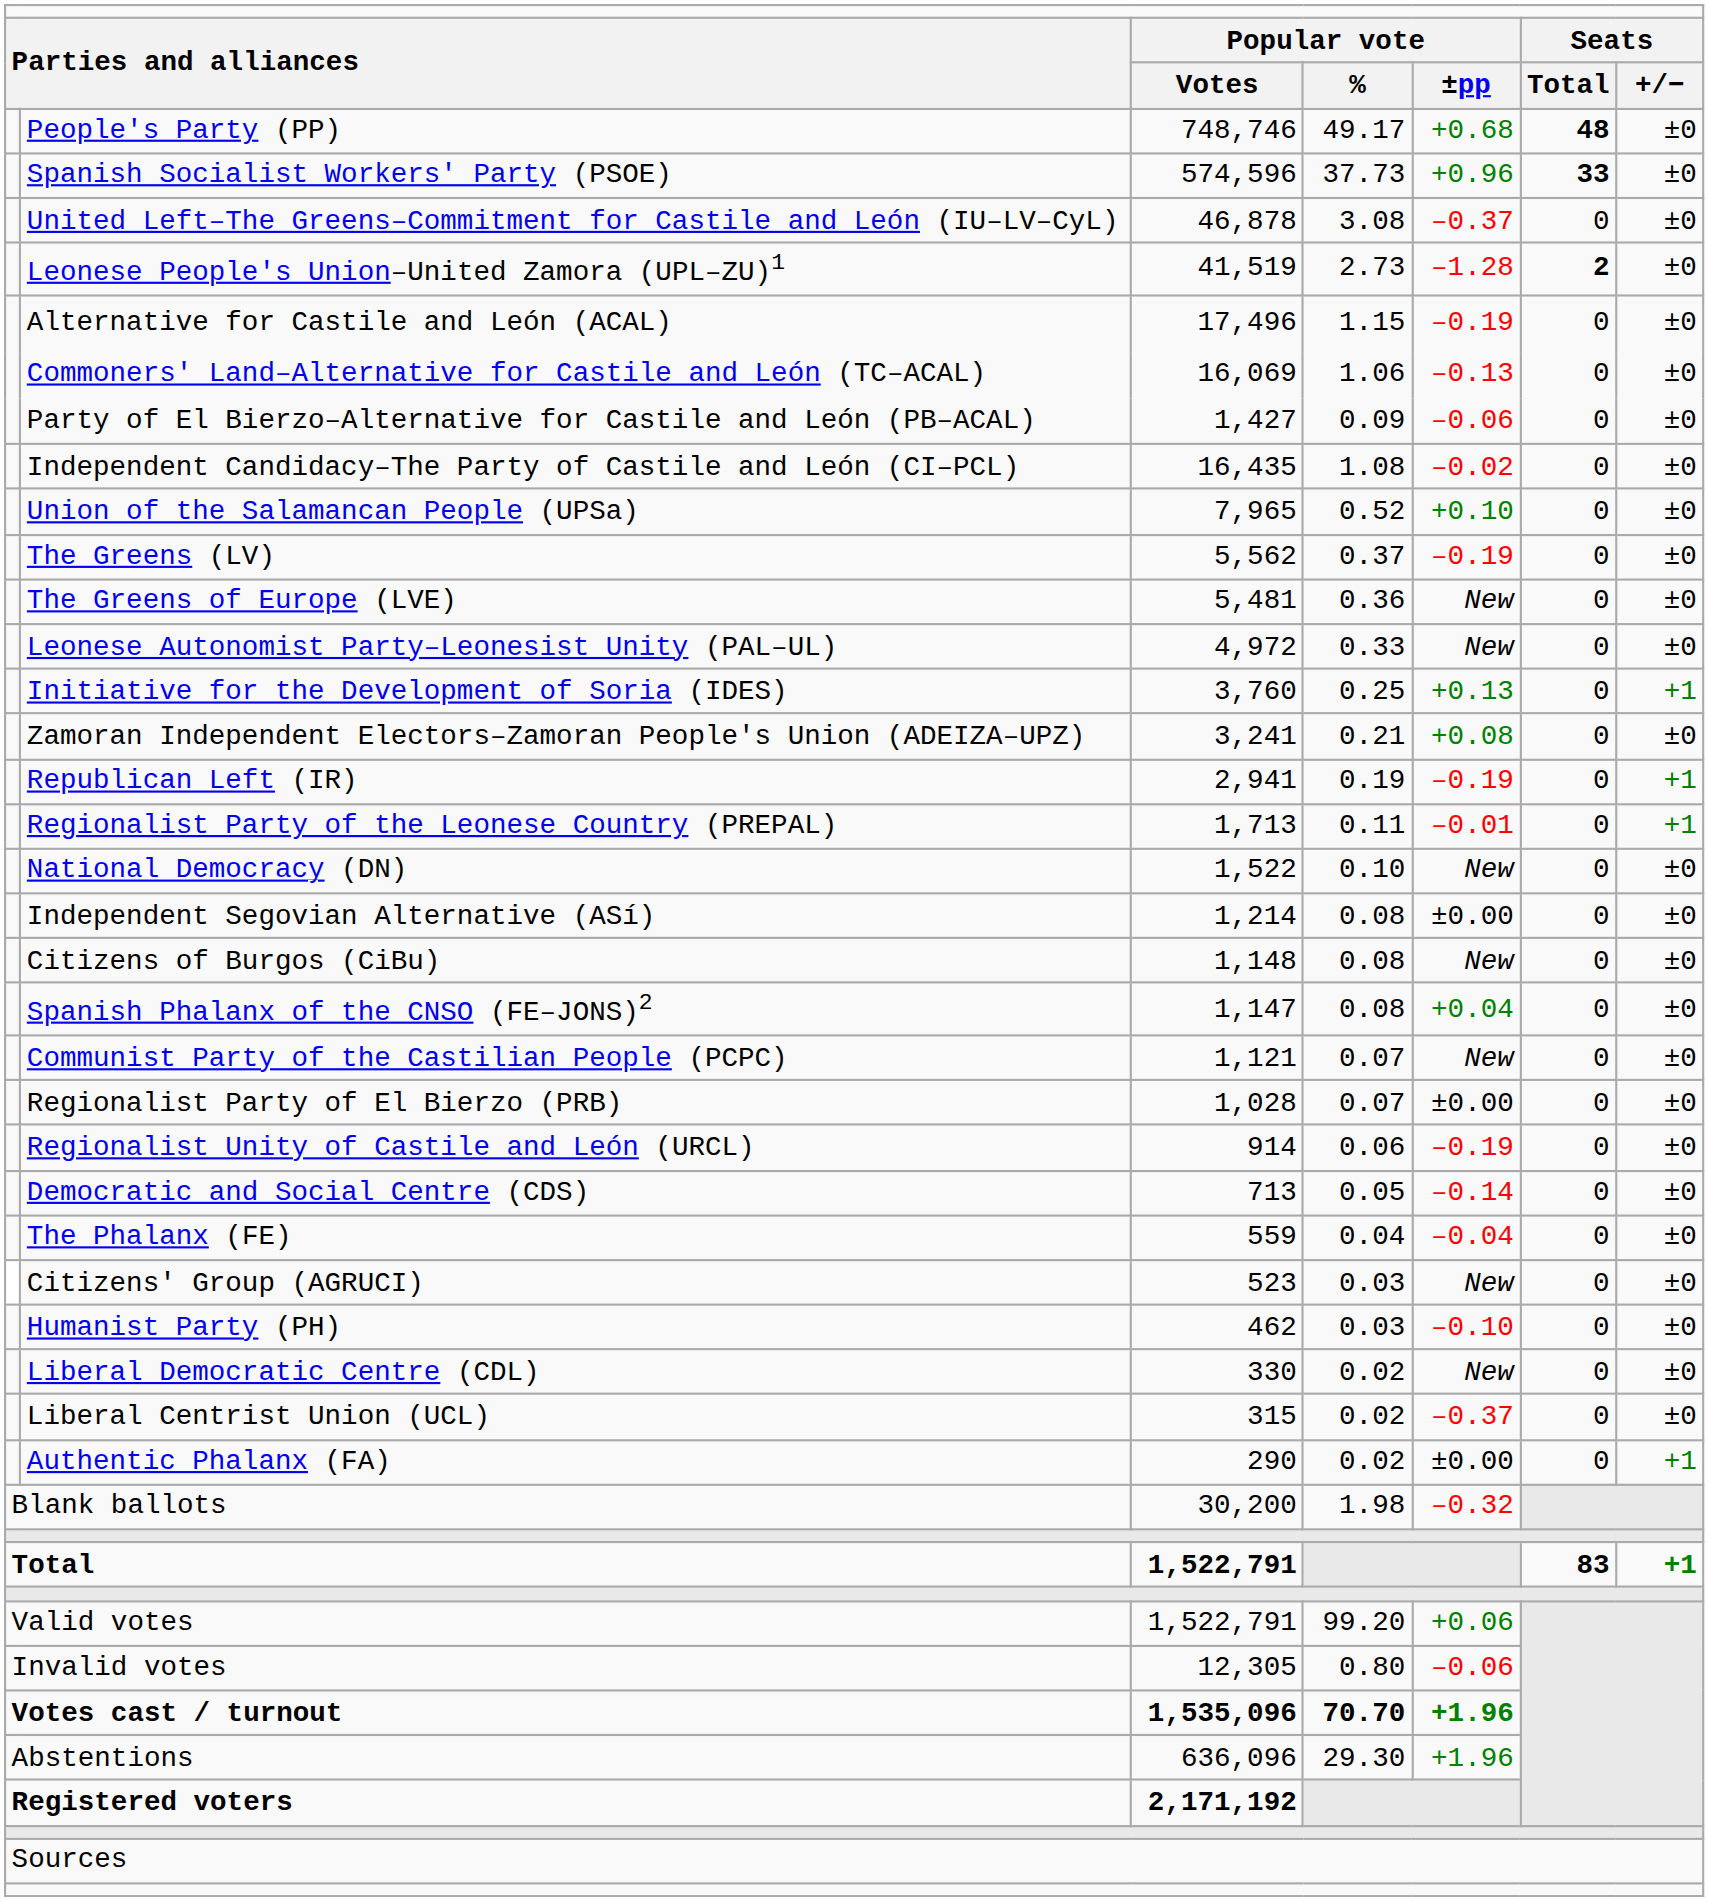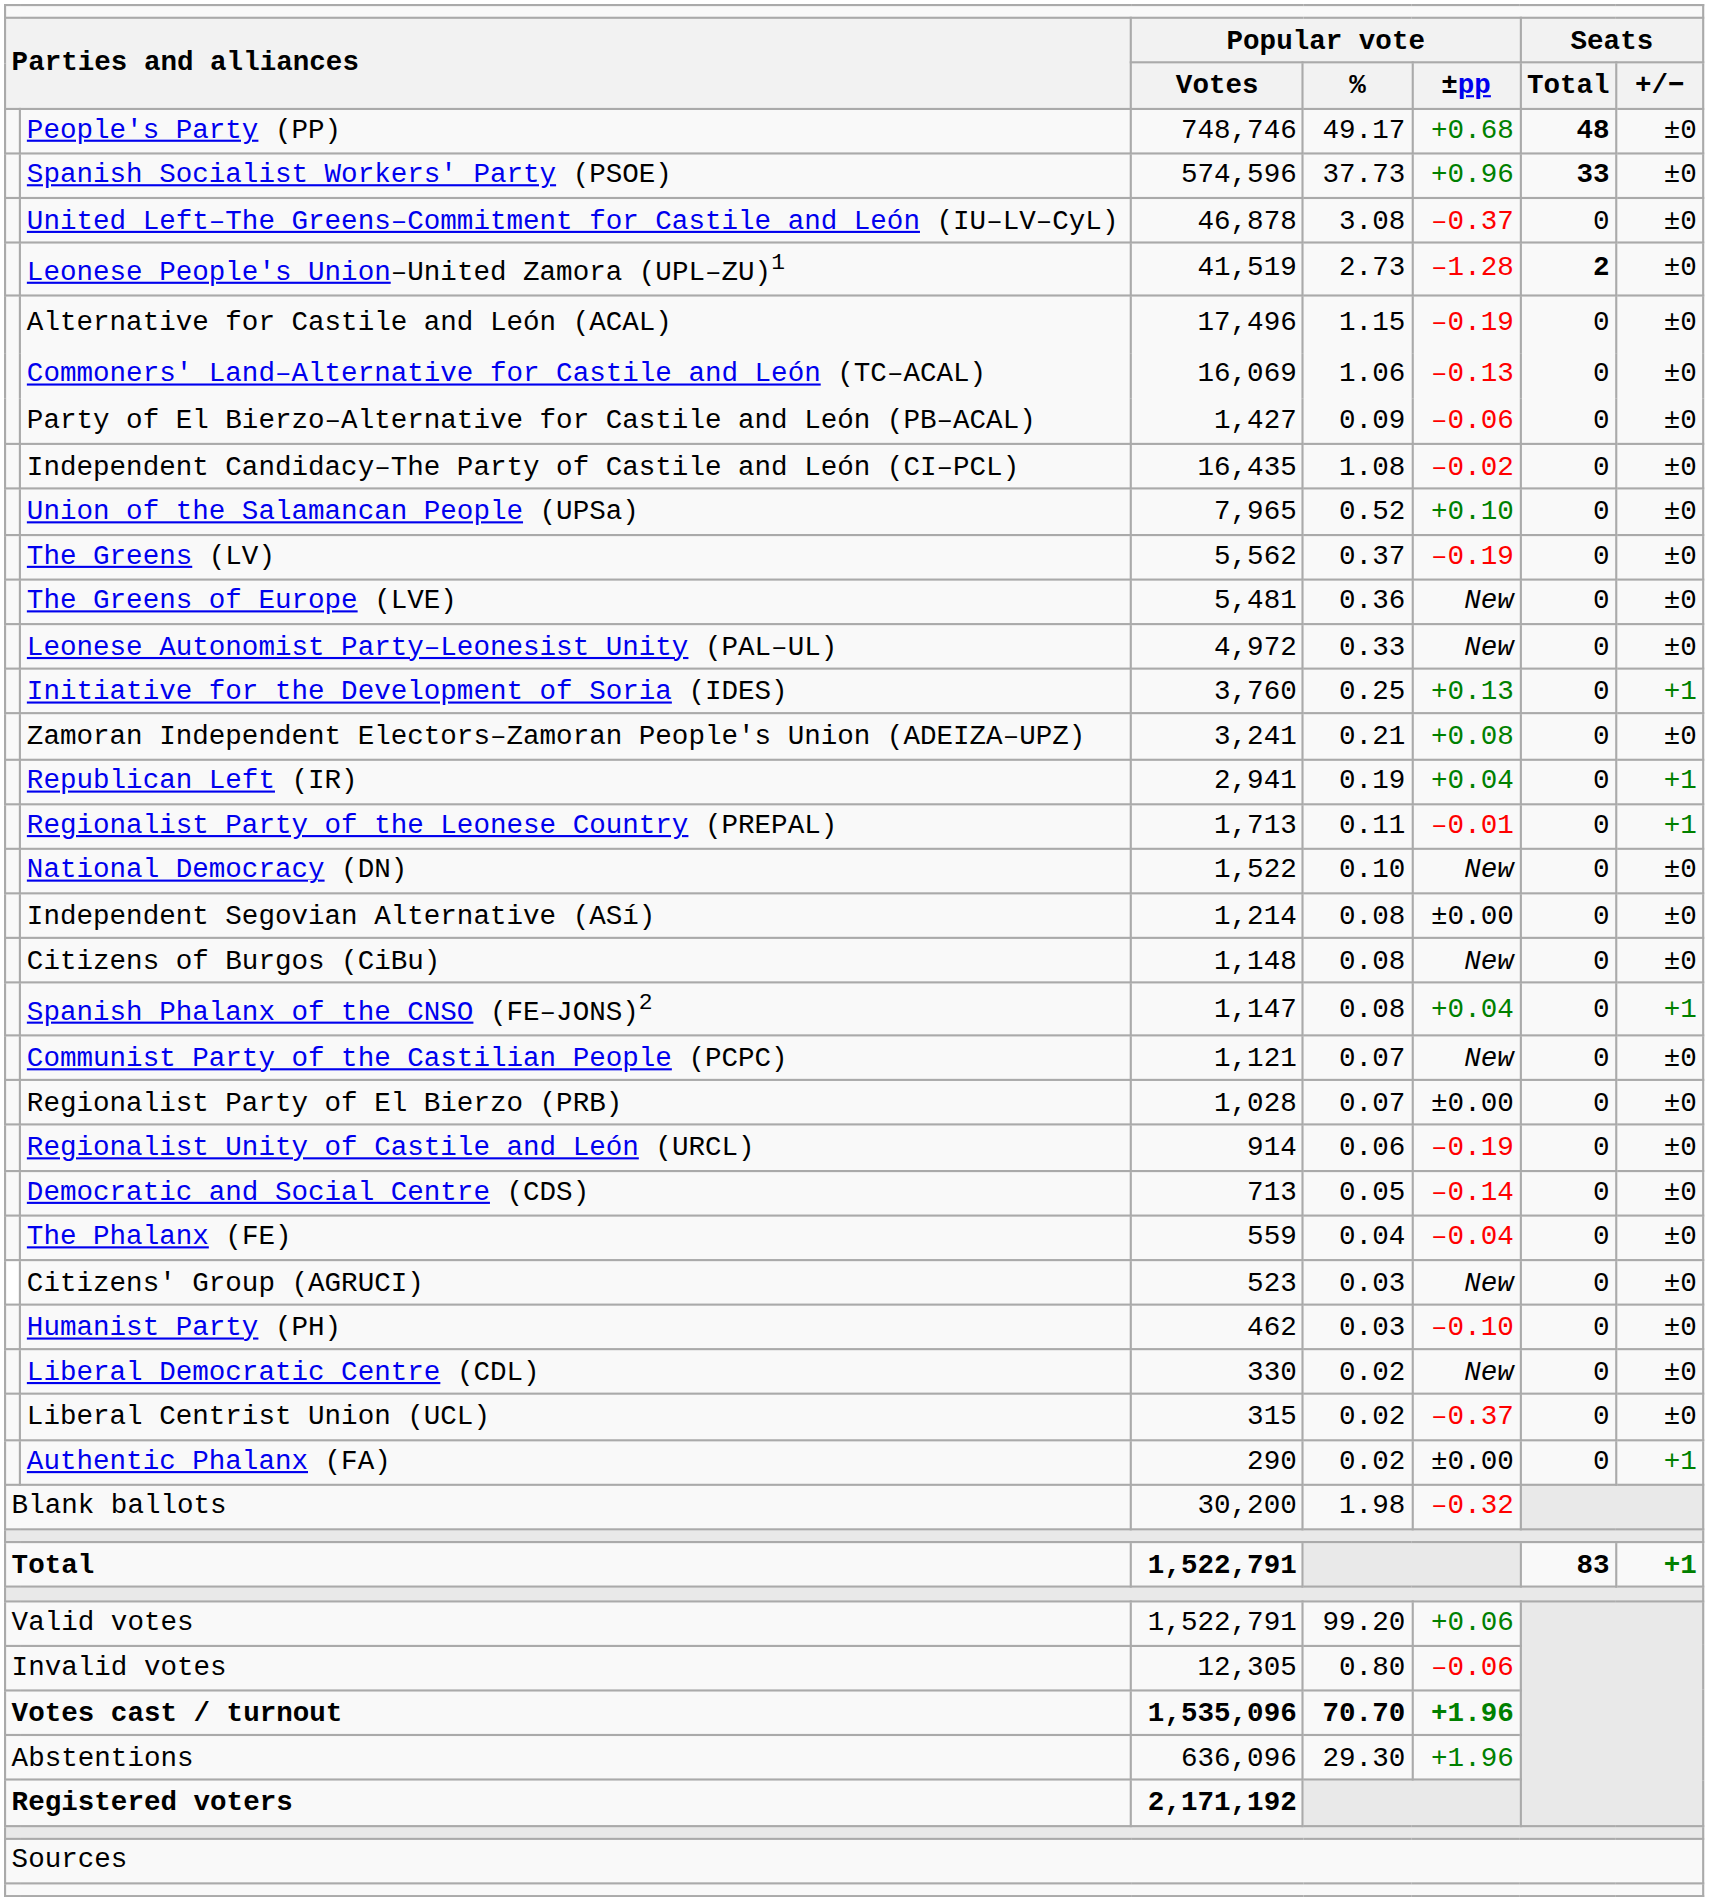 <table class="wikitable" style="text-align:right;">
 <tr>
 <td colspan="7"></td>
 </tr>
 <tr>
 <th style="text-align:left;" rowspan="2" colspan="2" width="525">Parties and alliances</th>
 <th colspan="3">Popular vote</th>
 <th colspan="2">Seats</th>
 </tr>
 <tr>
 <th width="75">Votes</th>
 <th width="45">%</th>
 <th width="45">±<a href='#'>pp</a></th>
 <th width="35">Total</th>
 <th width="35">+/−</th>
 </tr>
 <tr>
 <td width="1" style="color:inherit;background:"></td>
 <td align="left"><a href='#'>People's Party</a> (PP)</td>
 <td>748,746</td>
 <td>49.17</td>
 <td style="color:green;">+0.68</td>
 <td><strong>48</strong></td>
 <td>±0</td>
 </tr>
 <tr>
 <td style="color:inherit;background:"></td>
 <td align="left"><a href='#'>Spanish Socialist Workers' Party</a> (PSOE)</td>
 <td>574,596</td>
 <td>37.73</td>
 <td style="color:green;">+0.96</td>
 <td><strong>33</strong></td>
 <td>±0</td>
 </tr>
 <tr>
 <td style="color:inherit;background:"></td>
 <td align="left"><a href='#'>United Left–The Greens–Commitment for Castile and León</a> (IU–LV–CyL)</td>
 <td>46,878</td>
 <td>3.08</td>
 <td style="color:red;">–0.37</td>
 <td>0</td>
 <td>±0</td>
 </tr>
 <tr>
 <td style="color:inherit;background:"></td>
 <td align="left"><a href='#'>Leonese People's Union</a>–United Zamora (UPL–ZU)<sup>1</sup></td>
 <td>41,519</td>
 <td>2.73</td>
 <td style="color:red;">–1.28</td>
 <td><strong>2</strong></td>
 <td>±0</td>
 </tr>
 <tr style="line-height:22px;">
 <td rowspan="3" style="color:inherit;background:"></td>
 <td align="left">Alternative for Castile and León (ACAL)</td>
 <td>17,496</td>
 <td>1.15</td>
 <td style="color:red;">–0.19</td>
 <td>0</td>
 <td>±0</td>
 </tr>
 <tr style="border-bottom-style:hidden; border-top-style:hidden; line-height:16px;">
 <td align="left"><span><a href='#'>Commoners' Land–Alternative for Castile and León</a> (TC–ACAL)</span></td>
 <td>16,069</td>
 <td>1.06</td>
 <td style="color:red;">–0.13</td>
 <td>0</td>
 <td>±0</td>
 </tr>
 <tr style="line-height:16px;">
 <td align="left"><span>Party of El Bierzo–Alternative for Castile and León (PB–ACAL)</span></td>
 <td>1,427</td>
 <td>0.09</td>
 <td style="color:red;">–0.06</td>
 <td>0</td>
 <td>±0</td>
 </tr>
 <tr>
 <td style="color:inherit;background:"></td>
 <td align="left">Independent Candidacy–The Party of Castile and León (CI–PCL)</td>
 <td>16,435</td>
 <td>1.08</td>
 <td style="color:red;">–0.02</td>
 <td>0</td>
 <td>±0</td>
 </tr>
 <tr>
 <td style="color:inherit;background:"></td>
 <td align="left"><a href='#'>Union of the Salamancan People</a> (UPSa)</td>
 <td>7,965</td>
 <td>0.52</td>
 <td style="color:green;">+0.10</td>
 <td>0</td>
 <td>±0</td>
 </tr>
 <tr>
 <td style="color:inherit;background:"></td>
 <td align="left"><a href='#'>The Greens</a> (LV)</td>
 <td>5,562</td>
 <td>0.37</td>
 <td style="color:red;">–0.19</td>
 <td>0</td>
 <td>±0</td>
 </tr>
 <tr>
 <td style="color:inherit;background:"></td>
 <td align="left"><a href='#'>The Greens of Europe</a> (LVE)</td>
 <td>5,481</td>
 <td>0.36</td>
 <td><em>New</em></td>
 <td>0</td>
 <td>±0</td>
 </tr>
 <tr>
 <td style="color:inherit;background:"></td>
 <td align="left"><a href='#'>Leonese Autonomist Party–Leonesist Unity</a> (PAL–UL)</td>
 <td>4,972</td>
 <td>0.33</td>
 <td><em>New</em></td>
 <td>0</td>
 <td>±0</td>
 </tr>
 <tr>
 <td style="color:inherit;background:"></td>
 <td align="left"><a href='#'>Initiative for the Development of Soria</a> (IDES)</td>
 <td>3,760</td>
 <td>0.25</td>
 <td style="color:green;">+0.13</td>
 <td>0</td>
 <td style="color:green;">+1</td>
 </tr>
 <tr>
 <td style="color:inherit;background:"></td>
 <td align="left">Zamoran Independent Electors–Zamoran People's Union (ADEIZA–UPZ)</td>
 <td>3,241</td>
 <td>0.21</td>
 <td style="color:green;">+0.08</td>
 <td>0</td>
 <td>±0</td>
 </tr>
 <tr>
 <td style="color:inherit;background:"></td>
 <td align="left"><a href='#'>Republican Left</a> (IR)</td>
 <td>2,941</td>
 <td>0.19</td>
-<td style="color:red;">–0.19</td>
+<td style="color:green;">+0.04</td>
 <td>0</td>
 <td style="color:green;">+1</td>
 </tr>
 <tr>
 <td style="color:inherit;background:"></td>
 <td align="left"><a href='#'>Regionalist Party of the Leonese Country</a> (PREPAL)</td>
 <td>1,713</td>
 <td>0.11</td>
 <td style="color:red;">–0.01</td>
 <td>0</td>
 <td style="color:green;">+1</td>
 </tr>
 <tr>
 <td style="color:inherit;background:"></td>
 <td align="left"><a href='#'>National Democracy</a> (DN)</td>
 <td>1,522</td>
 <td>0.10</td>
 <td><em>New</em></td>
 <td>0</td>
 <td>±0</td>
 </tr>
 <tr>
 <td style="color:inherit;background:"></td>
 <td align="left">Independent Segovian Alternative (ASí)</td>
 <td>1,214</td>
 <td>0.08</td>
 <td>±0.00</td>
 <td>0</td>
 <td>±0</td>
 </tr>
 <tr>
 <td style="color:inherit;background:"></td>
 <td align="left">Citizens of Burgos (CiBu)</td>
 <td>1,148</td>
 <td>0.08</td>
 <td><em>New</em></td>
 <td>0</td>
 <td>±0</td>
 </tr>
 <tr>
 <td style="color:inherit;background:"></td>
 <td align="left"><a href='#'>Spanish Phalanx of the CNSO</a> (FE–JONS)<sup>2</sup></td>
 <td>1,147</td>
 <td>0.08</td>
 <td style="color:green;">+0.04</td>
 <td>0</td>
-<td>±0</td>
+<td style="color:green;">+1</td>
 </tr>
 <tr>
 <td style="color:inherit;background:"></td>
 <td align="left"><a href='#'>Communist Party of the Castilian People</a> (PCPC)</td>
 <td>1,121</td>
 <td>0.07</td>
 <td><em>New</em></td>
 <td>0</td>
 <td>±0</td>
 </tr>
 <tr>
 <td style="color:inherit;background:"></td>
 <td align="left">Regionalist Party of El Bierzo (PRB)</td>
 <td>1,028</td>
 <td>0.07</td>
 <td>±0.00</td>
 <td>0</td>
 <td>±0</td>
 </tr>
 <tr>
 <td style="color:inherit;background:"></td>
 <td align="left"><a href='#'>Regionalist Unity of Castile and León</a> (URCL)</td>
 <td>914</td>
 <td>0.06</td>
 <td style="color:red;">–0.19</td>
 <td>0</td>
 <td>±0</td>
 </tr>
 <tr>
 <td style="color:inherit;background:"></td>
 <td align="left"><a href='#'>Democratic and Social Centre</a> (CDS)</td>
 <td>713</td>
 <td>0.05</td>
 <td style="color:red;">–0.14</td>
 <td>0</td>
 <td>±0</td>
 </tr>
 <tr>
 <td style="color:inherit;background:"></td>
 <td align="left"><a href='#'>The Phalanx</a> (FE)</td>
 <td>559</td>
 <td>0.04</td>
 <td style="color:red;">–0.04</td>
 <td>0</td>
 <td>±0</td>
 </tr>
 <tr>
 <td bgcolor="white"></td>
 <td align="left">Citizens' Group (AGRUCI)</td>
 <td>523</td>
 <td>0.03</td>
 <td><em>New</em></td>
 <td>0</td>
 <td>±0</td>
 </tr>
 <tr>
 <td style="color:inherit;background:"></td>
 <td align="left"><a href='#'>Humanist Party</a> (PH)</td>
 <td>462</td>
 <td>0.03</td>
 <td style="color:red;">–0.10</td>
 <td>0</td>
 <td>±0</td>
 </tr>
 <tr>
 <td style="color:inherit;background:"></td>
 <td align="left"><a href='#'>Liberal Democratic Centre</a> (CDL)</td>
 <td>330</td>
 <td>0.02</td>
 <td><em>New</em></td>
 <td>0</td>
 <td>±0</td>
 </tr>
 <tr>
 <td style="color:inherit;background:"></td>
 <td align="left">Liberal Centrist Union (UCL)</td>
 <td>315</td>
 <td>0.02</td>
 <td style="color:red;">–0.37</td>
 <td>0</td>
 <td>±0</td>
 </tr>
 <tr>
 <td style="color:inherit;background:"></td>
 <td align="left"><a href='#'>Authentic Phalanx</a> (FA)</td>
 <td>290</td>
 <td>0.02</td>
 <td>±0.00</td>
 <td>0</td>
 <td style="color:green;">+1</td>
 </tr>
 <tr>
 <td align="left" colspan="2">Blank ballots</td>
 <td>30,200</td>
 <td>1.98</td>
 <td style="color:red;">–0.32</td>
 <td bgcolor="#E9E9E9" colspan="2"></td>
 </tr>
 <tr>
 <td colspan="7" bgcolor="#E9E9E9"></td>
 </tr>
 <tr style="font-weight:bold;">
 <td align="left" colspan="2">Total</td>
 <td>1,522,791</td>
 <td bgcolor="#E9E9E9" colspan="2"></td>
 <td>83</td>
 <td style="color:green;">+1</td>
 </tr>
 <tr>
 <td colspan="7" bgcolor="#E9E9E9"></td>
 </tr>
 <tr>
 <td align="left" colspan="2">Valid votes</td>
 <td>1,522,791</td>
 <td>99.20</td>
 <td style="color:green;">+0.06</td>
 <td bgcolor="#E9E9E9" colspan="2" rowspan="5"></td>
 </tr>
 <tr>
 <td align="left" colspan="2">Invalid votes</td>
 <td>12,305</td>
 <td>0.80</td>
 <td style="color:red;">–0.06</td>
 </tr>
 <tr style="font-weight:bold;">
 <td align="left" colspan="2">Votes cast / turnout</td>
 <td>1,535,096</td>
 <td>70.70</td>
 <td style="color:green;">+1.96</td>
 </tr>
 <tr>
 <td align="left" colspan="2">Abstentions</td>
 <td>636,096</td>
 <td>29.30</td>
 <td style="color:green;">+1.96</td>
 </tr>
 <tr style="font-weight:bold;">
 <td align="left" colspan="2">Registered voters</td>
 <td>2,171,192</td>
 <td bgcolor="#E9E9E9" colspan="2"></td>
 </tr>
 <tr>
 <td colspan="7" bgcolor="#E9E9E9"></td>
 </tr>
 <tr>
 <td align="left" colspan="7">Sources</td>
 </tr>
 <tr>
 <td colspan="7" style="text-align:left; max-width:790px;"></td>
 </tr>
 </table>
